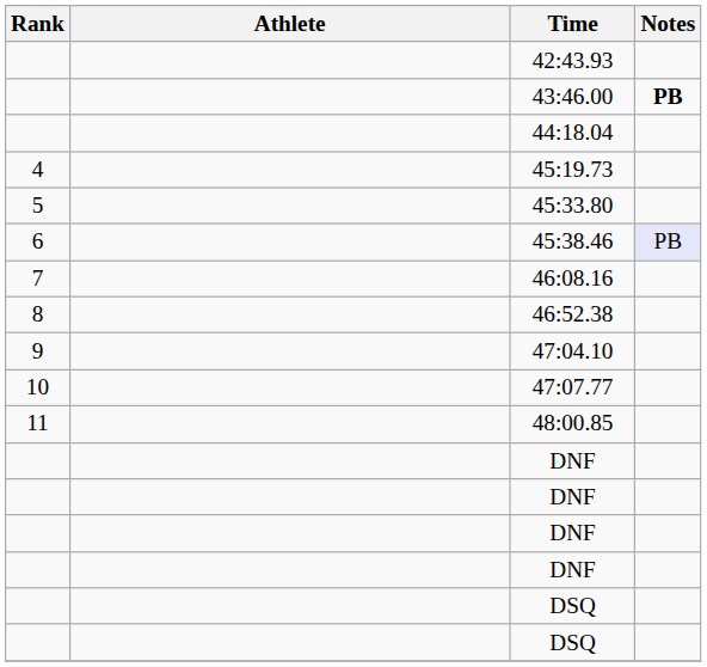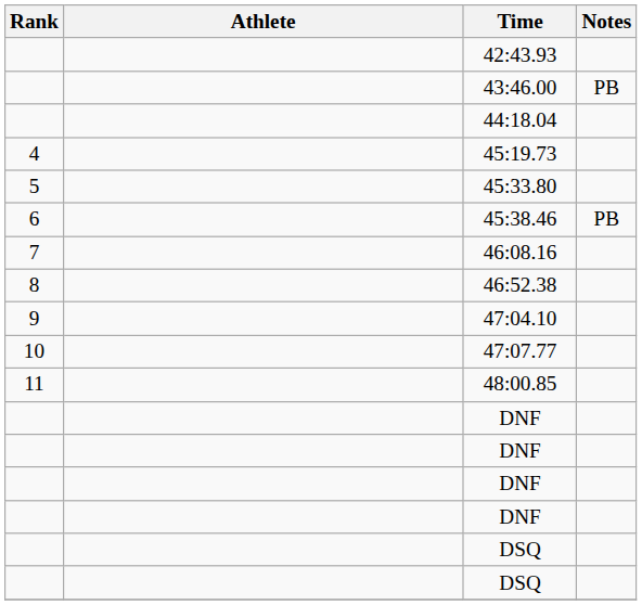 <table class="wikitable" style="text-align:center">
 <tr>
 <th>Rank</th>
 <th width=300>Athlete</th>
 <th width=80>Time</th>
 <th>Notes</th>
 </tr>
 <tr>
 <td></td>
 <td align=left></td>
 <td>42:43.93</td>
 <td></td>
 </tr>
 <tr>
 <td></td>
 <td align=left></td>
 <td>43:46.00</td>
-<td><strong>PB</strong></td>
+<td>PB</td>
 </tr>
 <tr>
 <td></td>
 <td align=left></td>
 <td>44:18.04</td>
 <td></td>
 </tr>
 <tr>
 <td>4</td>
 <td align=left></td>
 <td>45:19.73</td>
 <td></td>
 </tr>
 <tr>
 <td>5</td>
 <td align=left></td>
 <td>45:33.80</td>
 <td></td>
 </tr>
 <tr>
 <td>6</td>
 <td align=left></td>
 <td>45:38.46</td>
-<td style="background: lavender;">PB</td>
+<td>PB</td>
 </tr>
 <tr>
 <td>7</td>
 <td align=left></td>
 <td>46:08.16</td>
 <td></td>
 </tr>
 <tr>
 <td>8</td>
 <td align=left></td>
 <td>46:52.38</td>
 <td></td>
 </tr>
 <tr>
 <td>9</td>
 <td align=left></td>
 <td>47:04.10</td>
 <td></td>
 </tr>
 <tr>
 <td>10</td>
 <td align=left></td>
 <td>47:07.77</td>
 <td></td>
 </tr>
 <tr>
 <td>11</td>
 <td align=left></td>
 <td>48:00.85</td>
 <td></td>
 </tr>
 <tr>
 <td></td>
 <td align=left></td>
 <td>DNF</td>
 <td></td>
 </tr>
 <tr>
 <td></td>
 <td align=left></td>
 <td>DNF</td>
 <td></td>
 </tr>
 <tr>
 <td></td>
 <td align=left></td>
 <td>DNF</td>
 <td></td>
 </tr>
 <tr>
 <td></td>
 <td align=left></td>
 <td>DNF</td>
 <td></td>
 </tr>
 <tr>
 <td></td>
 <td align=left></td>
 <td>DSQ</td>
 <td></td>
 </tr>
 <tr>
 <td></td>
 <td align=left></td>
 <td>DSQ</td>
 <td></td>
 </tr>
 <tr>
 </tr>
 </table>
